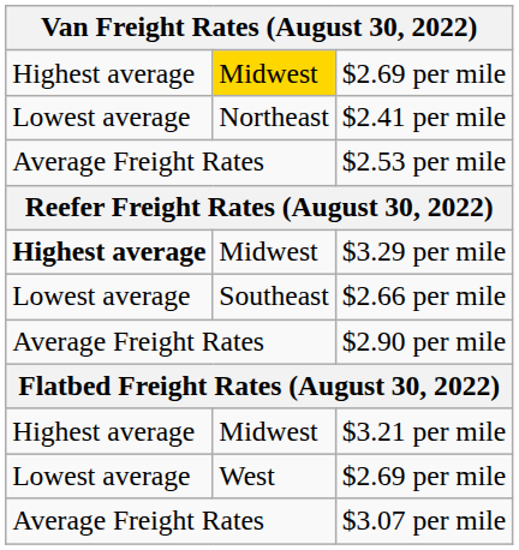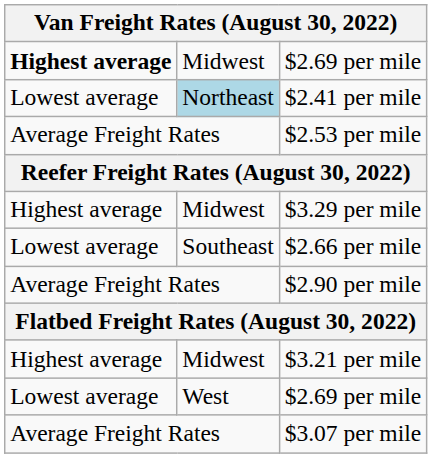 <table class="wikitable">
 <tr>
 <th colspan="3">Van Freight Rates (August 30, 2022)</th>
 </tr>
 <tr>
-<td>Highest average</td>
-<td style="background: gold;">Midwest</td>
+<td><strong>Highest average</strong></td>
+<td>Midwest</td>
 <td>$2.69 per mile</td>
 </tr>
 <tr>
 <td>Lowest average</td>
-<td>Northeast</td>
+<td style="background: lightblue;">Northeast</td>
 <td>$2.41 per mile</td>
 </tr>
 <tr>
 <td colspan="2">Average Freight Rates</td>
 <td>$2.53 per mile</td>
 </tr>
 <tr>
 <th colspan="3">Reefer Freight Rates (August 30, 2022)</th>
 </tr>
 <tr>
-<td><strong>Highest average</strong></td>
+<td>Highest average</td>
 <td>Midwest</td>
 <td>$3.29 per mile</td>
 </tr>
 <tr>
 <td>Lowest average</td>
 <td>Southeast</td>
 <td>$2.66 per mile</td>
 </tr>
 <tr>
 <td colspan="2">Average Freight Rates</td>
 <td>$2.90 per mile</td>
 </tr>
 <tr>
 <th colspan="3">Flatbed Freight Rates (August 30, 2022)</th>
 </tr>
 <tr>
 <td>Highest average</td>
 <td>Midwest</td>
 <td>$3.21 per mile</td>
 </tr>
 <tr>
 <td>Lowest average</td>
 <td>West</td>
 <td>$2.69 per mile</td>
 </tr>
 <tr>
 <td colspan="2">Average Freight Rates</td>
 <td>$3.07 per mile</td>
 </tr>
 </table>
